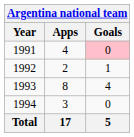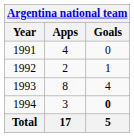 <table class="wikitable" style="text-align:center">
 <tr>
 <th colspan=3><a href='#'>Argentina national team</a></th>
 </tr>
 <tr>
 <th>Year</th>
 <th>Apps</th>
 <th>Goals</th>
 </tr>
 <tr>
 <td>1991</td>
 <td>4</td>
-<td style="background: pink;">0</td>
+<td>0</td>
 </tr>
 <tr>
 <td>1992</td>
 <td>2</td>
 <td>1</td>
 </tr>
 <tr>
 <td>1993</td>
 <td>8</td>
 <td>4</td>
 </tr>
 <tr>
 <td>1994</td>
 <td>3</td>
-<td>0</td>
+<td><strong>0</strong></td>
 </tr>
 <tr>
 <th>Total</th>
 <th>17</th>
 <th>5</th>
 </tr>
 </table>
